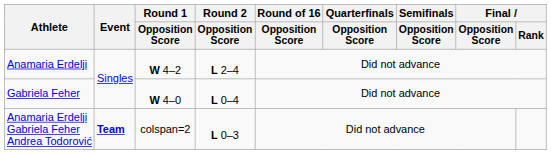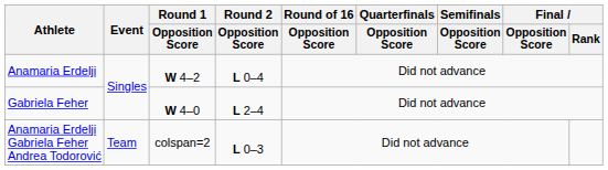 <table class=wikitable style="font-size:90%">
 <tr>
 <th rowspan="2">Athlete</th>
 <th rowspan="2">Event</th>
 <th>Round 1</th>
 <th>Round 2</th>
 <th>Round of 16</th>
 <th>Quarterfinals</th>
 <th>Semifinals</th>
 <th colspan=2>Final / </th>
 </tr>
 <tr style="font-size:95%">
 <th>Opposition<br>Score</th>
 <th>Opposition<br>Score</th>
 <th>Opposition<br>Score</th>
 <th>Opposition<br>Score</th>
 <th>Opposition<br>Score</th>
 <th>Opposition<br>Score</th>
 <th>Rank</th>
 </tr>
 <tr align=center>
 <td align=left><a href='#'>Anamaria Erdelji</a></td>
 <td align=left rowspan=2><a href='#'>Singles</a></td>
 <td><br><strong>W</strong> 4–2</td>
-<td><br><strong>L</strong> 2–4</td>
+<td><br><strong>L</strong> 0–4</td>
 <td colspan=5 align=center>Did not advance</td>
 </tr>
 <tr align=center>
 <td align=left><a href='#'>Gabriela Feher</a></td>
 <td><br><strong>W</strong> 4–0</td>
-<td><br><strong>L</strong> 0–4</td>
+<td><br><strong>L</strong> 2–4</td>
 <td colspan=5 align=center>Did not advance</td>
 </tr>
 <tr align=center>
 <td align=left><a href='#'>Anamaria Erdelji</a><br><a href='#'>Gabriela Feher</a><br><a href='#'>Andrea Todorović</a></td>
-<td align=left><strong><a href='#'>Team</a></strong></td>
+<td align=left><a href='#'>Team</a></td>
 <td>colspan=2 </td>
 <td><br><strong>L</strong> 0–3</td>
 <td colspan=4 align=center>Did not advance</td>
 </tr>
 </table>
